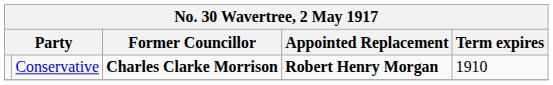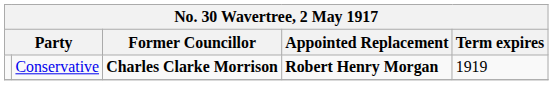 <table class="wikitable">
 <tr>
 <th colspan="5"><strong>No. 30 Wavertree, 2 May 1917</strong></th>
 </tr>
 <tr>
 <th colspan="2">Party</th>
 <th>Former Councillor</th>
 <th>Appointed Replacement</th>
 <th>Term expires</th>
 </tr>
 <tr>
 <td style="background-color:"></td>
 <td><a href='#'>Conservative</a></td>
 <td><strong>Charles Clarke Morrison</strong></td>
 <td><strong>Robert Henry Morgan</strong></td>
-<td>1910</td>
+<td>1919</td>
 </tr>
 <tr>
 </tr>
 </table>
